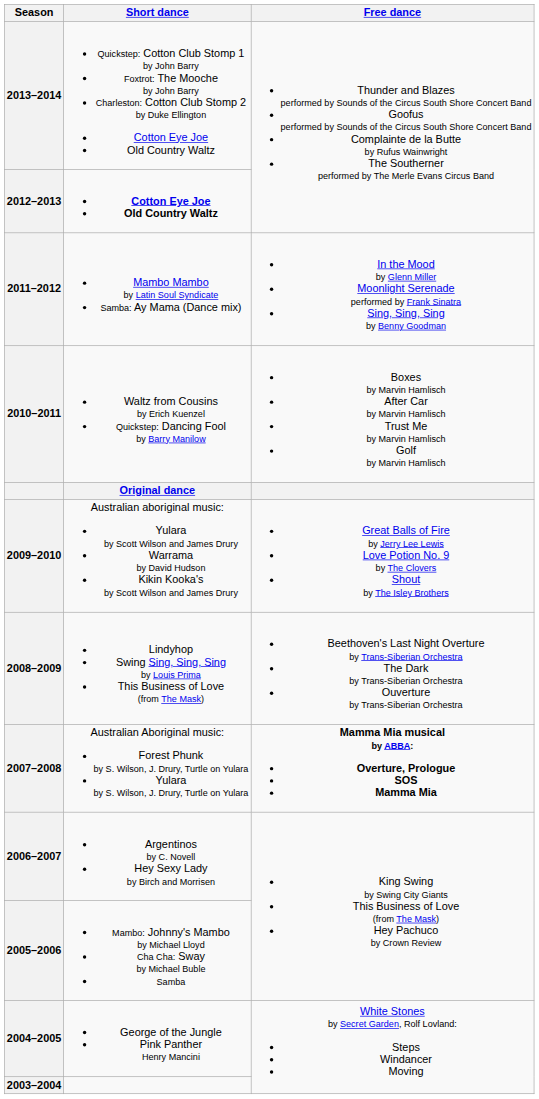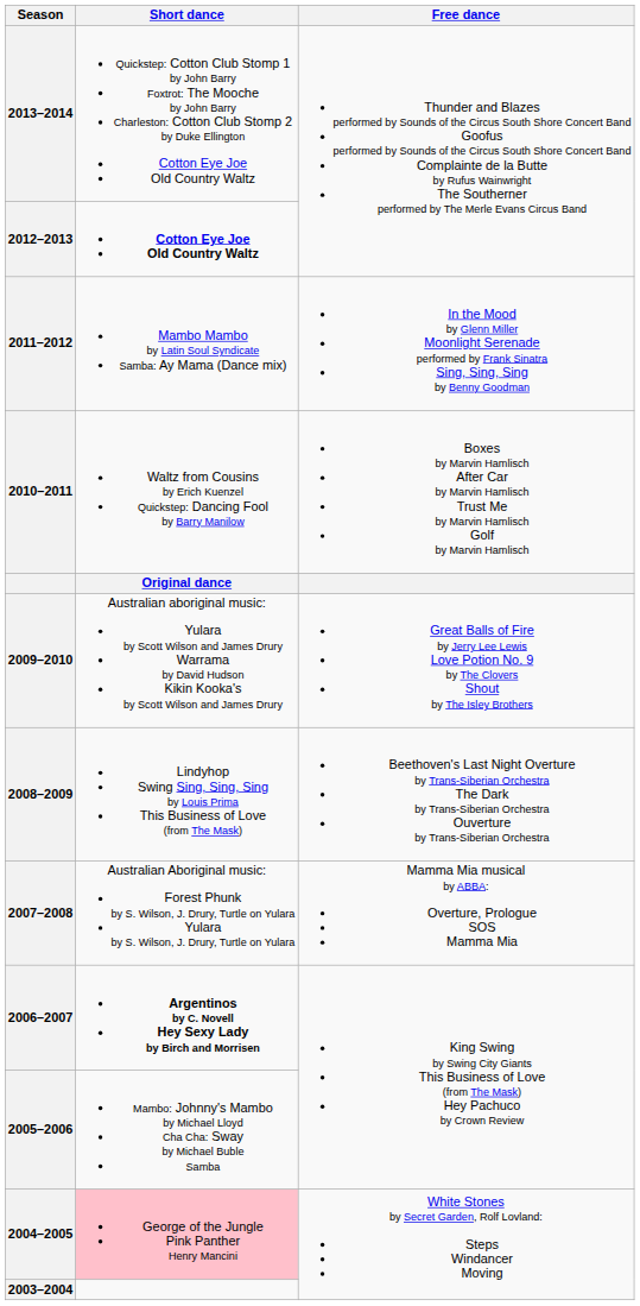 <table class="wikitable" style="text-align:center">
 <tr>
 <th>Season</th>
 <th><a href='#'>Short dance</a></th>
 <th><a href='#'>Free dance</a></th>
 </tr>
 <tr>
 <th>2013–2014 <br></th>
 <td><br><ul><li><small>Quickstep:</small> Cotton Club Stomp 1 <br><small> by John Barry </small></li><li><small>Foxtrot:</small> The Mooche <br><small> by John Barry </small></li><li><small>Charleston:</small> Cotton Club Stomp 2 <br><small> by Duke Ellington </small></li></ul><ul><li><a href='#'>Cotton Eye Joe</a></li><li>Old Country Waltz</li></ul></td>
 <td rowspan=2><br><ul><li>Thunder and Blazes <br><small> performed by Sounds of the Circus South Shore Concert Band </small></li><li>Goofus <br><small> performed by Sounds of the Circus South Shore Concert Band </small></li><li>Complainte de la Butte <br><small> by Rufus Wainwright </small></li><li>The Southerner <br><small> performed by The Merle Evans Circus Band </small></li></ul></td>
 </tr>
 <tr>
 <th>2012–2013 <br></th>
 <td><strong><br><ul><li><a href='#'>Cotton Eye Joe</a></li><li>Old Country Waltz</li></ul></strong></td>
 </tr>
 <tr>
 <th>2011–2012 <br></th>
 <td><br><ul><li><a href='#'>Mambo Mambo</a> <br><small> by <a href='#'>Latin Soul Syndicate</a> </small></li><li><small>Samba:</small> Ay Mama (Dance mix)</li></ul></td>
 <td><br><ul><li><a href='#'>In the Mood</a> <br><small> by <a href='#'>Glenn Miller</a> </small></li><li><a href='#'>Moonlight Serenade</a> <br><small> performed by <a href='#'>Frank Sinatra</a> </small></li><li><a href='#'>Sing, Sing, Sing</a> <br><small> by <a href='#'>Benny Goodman</a> </small></li></ul></td>
 </tr>
 <tr>
 <th>2010–2011 <br></th>
 <td><br><ul><li>Waltz from Cousins <br><small> by Erich Kuenzel </small></li><li><small>Quickstep:</small> Dancing Fool <br><small> by <a href='#'>Barry Manilow</a> </small></li></ul></td>
 <td><br><ul><li>Boxes <br><small> by Marvin Hamlisch </small></li><li>After Car <br><small> by Marvin Hamlisch </small></li><li>Trust Me <br><small> by Marvin Hamlisch </small></li><li>Golf <br><small> by Marvin Hamlisch</small></li></ul></td>
 </tr>
 <tr>
 <th></th>
 <th><a href='#'>Original dance</a></th>
 <th></th>
 </tr>
 <tr>
 <th>2009–2010 <br></th>
 <td>Australian aboriginal music:<br><ul><li>Yulara <br><small> by Scott Wilson and James Drury </small></li><li>Warrama <br><small> by David Hudson </small></li><li>Kikin Kooka's <br><small> by Scott Wilson and James Drury </small></li></ul></td>
 <td><br><ul><li><a href='#'>Great Balls of Fire</a> <br><small> by <a href='#'>Jerry Lee Lewis</a> </small></li><li><a href='#'>Love Potion No. 9</a> <br><small> by <a href='#'>The Clovers</a> </small></li><li><a href='#'>Shout</a> <br><small> by <a href='#'>The Isley Brothers</a> </small></li></ul></td>
 </tr>
 <tr>
 <th>2008–2009 <br></th>
 <td><br><ul><li>Lindyhop</li><li>Swing <a href='#'>Sing, Sing, Sing</a> <br><small> by <a href='#'>Louis Prima</a> </small></li><li>This Business of Love <br><small> (from <a href='#'>The Mask</a>) </small></li></ul></td>
 <td><br><ul><li>Beethoven's Last Night Overture <br><small> by <a href='#'>Trans-Siberian Orchestra</a> </small></li><li>The Dark <br><small> by Trans-Siberian Orchestra </small></li><li>Ouverture <br><small> by Trans-Siberian Orchestra </small></li></ul></td>
 </tr>
 <tr>
 <th>2007–2008 <br></th>
 <td>Australian Aboriginal music:<br><ul><li>Forest Phunk <br><small> by S. Wilson, J. Drury, Turtle on Yulara </small></li><li>Yulara <br><small> by S. Wilson, J. Drury, Turtle on Yulara </small></li></ul></td>
-<td><strong>Mamma Mia musical <br><small> by <a href='#'>ABBA</a>: </small><br><ul><li>Overture, Prologue</li><li>SOS</li><li>Mamma Mia</li></ul></strong></td>
+<td>Mamma Mia musical <br><small> by <a href='#'>ABBA</a>: </small><br><ul><li>Overture, Prologue</li><li>SOS</li><li>Mamma Mia</li></ul></td>
 </tr>
 <tr>
 <th>2006–2007 <br></th>
-<td><br><ul><li>Argentinos <br><small> by C. Novell </small></li><li>Hey Sexy Lady <br><small> by Birch and Morrisen </small></li></ul></td>
+<td><strong><br><ul><li>Argentinos <br><small> by C. Novell </small></li><li>Hey Sexy Lady <br><small> by Birch and Morrisen </small></li></ul></strong></td>
 <td rowspan=2><br><ul><li>King Swing <br><small> by Swing City Giants </small></li><li>This Business of Love <br><small> (from <a href='#'>The Mask</a>) </small></li><li>Hey Pachuco <br><small> by Crown Review </small></li></ul></td>
 </tr>
 <tr>
 <th>2005–2006 <br></th>
 <td><br><ul><li><small>Mambo:</small> Johnny's Mambo <br><small> by Michael Lloyd </small></li><li><small>Cha Cha:</small> Sway <br><small> by Michael Buble </small></li><li><small>Samba</small></li></ul></td>
 </tr>
 <tr>
 <th>2004–2005 <br></th>
-<td><br><ul><li>George of the Jungle</li><li>Pink Panther <br><small> Henry Mancini</small></li></ul></td>
+<td style="background: pink;"><br><ul><li>George of the Jungle</li><li>Pink Panther <br><small> Henry Mancini</small></li></ul></td>
 <td rowspan=2><a href='#'>White Stones</a> <br><small> by <a href='#'>Secret Garden</a>, Rolf Lovland:</small><br><ul><li>Steps</li><li>Windancer</li><li>Moving</li></ul></td>
 </tr>
 <tr>
 <th>2003–2004 <br></th>
 <td></td>
 </tr>
 </table>
